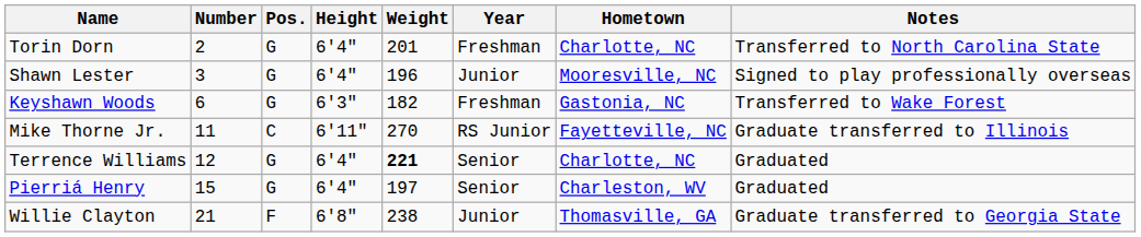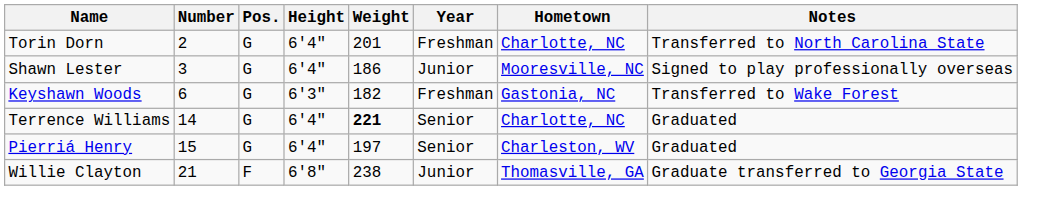 <table class="wikitable sortable" border="1">
 <tr>
 <th>Name</th>
 <th>Number</th>
 <th>Pos.</th>
 <th>Height</th>
 <th>Weight</th>
 <th>Year</th>
 <th>Hometown</th>
 <th>Notes</th>
 </tr>
 <tr>
 <td>Torin Dorn</td>
 <td>2</td>
 <td>G</td>
 <td>6'4"</td>
 <td>201</td>
 <td>Freshman</td>
 <td><a href='#'>Charlotte, NC</a></td>
 <td>Transferred to <a href='#'>North Carolina State</a></td>
 </tr>
 <tr>
 <td>Shawn Lester</td>
 <td>3</td>
 <td>G</td>
 <td>6'4"</td>
-<td>196</td>
+<td>186</td>
 <td>Junior</td>
 <td><a href='#'>Mooresville, NC</a></td>
 <td>Signed to play professionally overseas</td>
 </tr>
 <tr>
 <td><a href='#'>Keyshawn Woods</a></td>
 <td>6</td>
 <td>G</td>
 <td>6'3"</td>
 <td>182</td>
 <td>Freshman</td>
 <td><a href='#'>Gastonia, NC</a></td>
 <td>Transferred to <a href='#'>Wake Forest</a></td>
 </tr>
 <tr>
-<td>Mike Thorne Jr.</td>
-<td>11</td>
-<td>C</td>
-<td>6'11"</td>
-<td>270</td>
-<td>RS Junior</td>
-<td><a href='#'>Fayetteville, NC</a></td>
-<td>Graduate transferred to <a href='#'>Illinois</a></td>
-</tr>
-<tr>
 <td>Terrence Williams</td>
-<td>12</td>
+<td>14</td>
 <td>G</td>
 <td>6'4"</td>
 <td><strong>221</strong></td>
 <td>Senior</td>
 <td><a href='#'>Charlotte, NC</a></td>
 <td>Graduated</td>
 </tr>
 <tr>
 <td><a href='#'>Pierriá Henry</a></td>
 <td>15</td>
 <td>G</td>
 <td>6'4"</td>
 <td>197</td>
 <td>Senior</td>
 <td><a href='#'>Charleston, WV</a></td>
 <td>Graduated</td>
 </tr>
 <tr>
 <td>Willie Clayton</td>
 <td>21</td>
 <td>F</td>
 <td>6'8"</td>
 <td>238</td>
 <td>Junior</td>
 <td><a href='#'>Thomasville, GA</a></td>
 <td>Graduate transferred to <a href='#'>Georgia State</a></td>
 </tr>
 </table>
